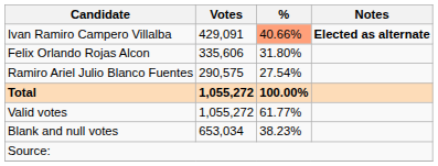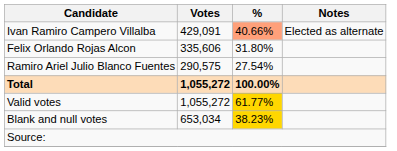 <table class=wikitable>
 <tr>
 <th>Candidate</th>
 <th>Votes</th>
 <th>%</th>
 <th>Notes</th>
 </tr>
 <tr>
 <td>Ivan Ramiro Campero Villalba</td>
 <td>429,091</td>
 <td style="background: lightsalmon;">40.66%</td>
-<td><strong>Elected as alternate</strong></td>
+<td>Elected as alternate</td>
 </tr>
 <tr>
 <td>Felix Orlando Rojas Alcon</td>
 <td>335,606</td>
 <td>31.80%</td>
 <td></td>
 </tr>
 <tr>
 <td>Ramiro Ariel Julio Blanco Fuentes</td>
 <td>290,575</td>
 <td>27.54%</td>
 <td></td>
 </tr>
 <tr>
 <td style="background:#FDDCB8"><strong>Total</strong></td>
 <td style="background:#FDDCB8"><strong>1,055,272</strong></td>
 <td style="background:#FDDCB8"><strong>100.00%</strong></td>
 <td style="background:#FDDCB8"></td>
 </tr>
 <tr>
 <td>Valid votes</td>
 <td>1,055,272</td>
-<td>61.77%</td>
+<td style="background: gold;">61.77%</td>
 <td></td>
 </tr>
 <tr>
 <td>Blank and null votes</td>
 <td>653,034</td>
-<td>38.23%</td>
+<td style="background: gold;">38.23%</td>
 <td></td>
 </tr>
 <tr>
 <td colspan="4">Source: </td>
 </tr>
 <tr>
 </tr>
 </table>
